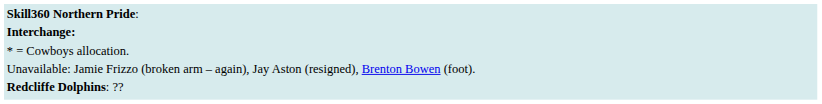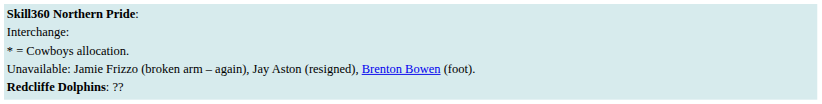 <table style="background:#d7ebed; font-size:85%; width:100%;">
 <tr>
 <td><strong>Skill360 Northern Pride</strong>:            </td>
 </tr>
 <tr>
-<td><strong>Interchange:    </strong></td>
+<td>Interchange:    </td>
 </tr>
 <tr>
 <td>* = Cowboys allocation.</td>
 </tr>
 <tr>
 <td>Unavailable: Jamie Frizzo (broken arm – again), Jay Aston (resigned), <a href='#'>Brenton Bowen</a> (foot).</td>
 </tr>
 <tr>
 <td><strong>Redcliffe Dolphins</strong>: ??</td>
 </tr>
 <tr>
 </tr>
 </table>
